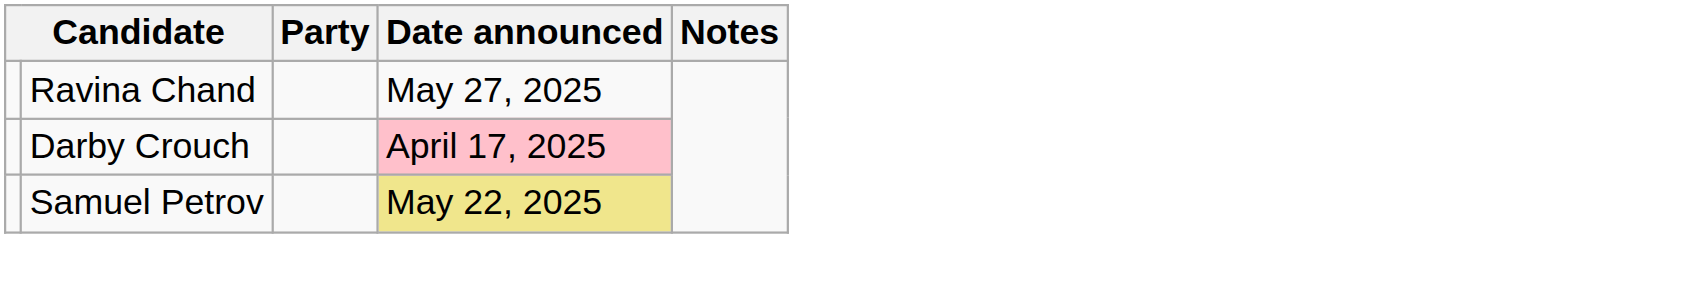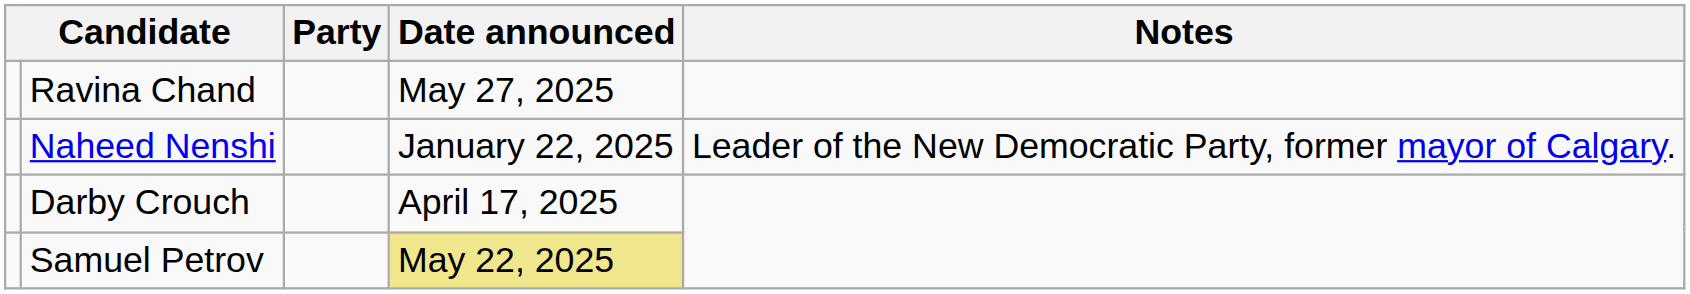 <table class="wikitable" style="text-align:left;">
 <tr>
 <th colspan="2">Candidate</th>
 <th>Party</th>
 <th>Date announced</th>
 <th>Notes</th>
 </tr>
 <tr>
 <td style="background:"></td>
 <td>Ravina Chand</td>
 <td style="text-align:left"></td>
 <td>May 27, 2025</td>
 </tr>
 <tr>
 <td style="background:"></td>
+<td><a href='#'>Naheed Nenshi</a></td>
+<td style="text-align:left"></td>
+<td>January 22, 2025</td>
+<td>Leader of the New Democratic Party, former <a href='#'>mayor of Calgary</a>.</td>
+</tr>
+<tr>
+<td style="background:"></td>
 <td>Darby Crouch</td>
 <td style="text-align:left"></td>
-<td style="background: pink;">April 17, 2025</td>
+<td>April 17, 2025</td>
 </tr>
 <tr>
 <td style="background:"></td>
 <td>Samuel Petrov</td>
 <td style="text-align:left"></td>
 <td style="background: khaki;">May 22, 2025</td>
 </tr>
 </table>
